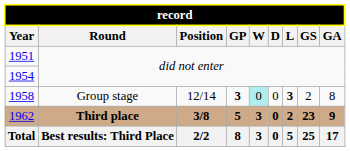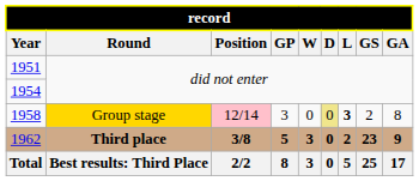 <table class="wikitable" style="text-align: center;">
 <tr>
 <th colspan=9 style="background: #000000; color: #FFFFFF; border:2px solid #FFFF00;"><a href='#'></a> record</th>
 </tr>
 <tr>
 <th>Year</th>
 <th>Round</th>
 <th>Position</th>
 <th>GP</th>
 <th>W</th>
 <th>D</th>
 <th>L</th>
 <th>GS</th>
 <th>GA</th>
 </tr>
 <tr>
 <td> <a href='#'>1951</a></td>
 <td rowspan="2" colspan="8"><em>did not enter</em></td>
 </tr>
 <tr>
 <td> <a href='#'>1954</a></td>
 </tr>
 <tr>
 <td> <a href='#'>1958</a></td>
-<td>Group stage</td>
-<td>12/14</td>
-<td><strong>3</strong></td>
-<td style="background: paleturquoise;">0</td>
+<td style="background: gold;">Group stage</td>
+<td style="background: pink;">12/14</td>
+<td>3</td>
 <td>0</td>
+<td style="background: khaki;">0</td>
 <td><strong>3</strong></td>
 <td>2</td>
 <td>8</td>
 </tr>
 <tr style="background:#cfaa88;">
 <td> <a href='#'>1962</a></td>
 <td><strong>Third place</strong></td>
 <td><strong>3/8</strong></td>
 <td><strong>5</strong></td>
 <td><strong>3</strong></td>
 <td><strong>0</strong></td>
 <td><strong>2</strong></td>
 <td><strong>23</strong></td>
 <td><strong>9</strong></td>
 </tr>
 <tr>
 <th><strong>Total</strong></th>
 <th><strong>Best results: Third Place</strong></th>
 <th><strong> 2/2</strong></th>
 <th><strong>8</strong></th>
 <th><strong>3</strong></th>
 <th><strong>0</strong></th>
 <th><strong>5</strong></th>
 <th><strong>25</strong></th>
 <th><strong>17</strong></th>
 </tr>
 </table>
